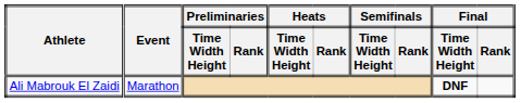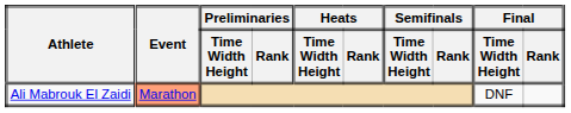 <table class=wikitable style="font-size:90%; border: double;">
 <tr>
 <th rowspan="2" style="border-right:double">Athlete</th>
 <th rowspan="2" style="border-right:double">Event</th>
 <th colspan="2" style="border-right:double; border-bottom:double;">Preliminaries</th>
 <th colspan="2" style="border-right:double; border-bottom:double;">Heats</th>
 <th colspan="2" style="border-right:double; border-bottom:double;">Semifinals</th>
 <th colspan="2" style="border-right:double; border-bottom:double;">Final</th>
 </tr>
 <tr>
 <th>Time<br>Width<br>Height</th>
 <th style="border-right:double">Rank</th>
 <th>Time<br>Width<br>Height</th>
 <th style="border-right:double">Rank</th>
 <th>Time<br>Width<br>Height</th>
 <th style="border-right:double">Rank</th>
 <th>Time<br>Width<br>Height</th>
 <th style="border-right:double">Rank</th>
 </tr>
 <tr style="border-top: double;">
 <td style="border-right:double"><a href='#'>Ali Mabrouk El Zaidi</a></td>
-<td style="border-right:double"><a href='#'>Marathon</a></td>
+<td style="background: lightsalmon; border-right:double"><a href='#'>Marathon</a></td>
 <td style="border-right:double" colspan= 6 bgcolor="wheat"></td>
-<td align=center><strong>DNF</strong></td>
+<td align=center>DNF</td>
 <td align=center></td>
 </tr>
 </table>
